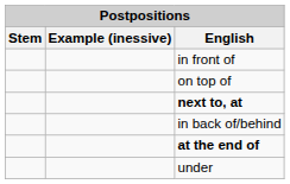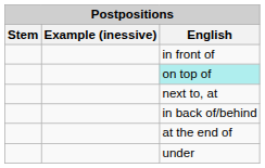 <table class="wikitable">
 <tr>
 <th colspan="4" style="background:#cfcfcf;">Postpositions</th>
 </tr>
 <tr style="background:#dfdfdf;" |>
 <th>Stem</th>
 <th>Example (inessive)</th>
 <th>English</th>
 </tr>
 <tr>
 <td></td>
 <td></td>
 <td>in front of</td>
 </tr>
 <tr>
 <td></td>
 <td></td>
-<td>on top of</td>
+<td style="background: paleturquoise;">on top of</td>
 </tr>
 <tr>
 <td></td>
 <td></td>
-<td><strong>next to, at</strong></td>
+<td>next to, at</td>
 </tr>
 <tr>
 <td></td>
 <td></td>
 <td>in back of/behind</td>
 </tr>
 <tr>
 <td></td>
 <td></td>
-<td><strong>at the end of</strong></td>
+<td>at the end of</td>
 </tr>
 <tr>
 <td></td>
 <td></td>
 <td>under</td>
 </tr>
 </table>
